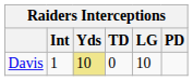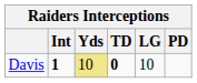 <table class="wikitable">
 <tr>
 <th colspan="6">Raiders Interceptions</th>
 </tr>
 <tr>
 <th></th>
 <th>Int</th>
 <th>Yds</th>
 <th>TD</th>
 <th>LG</th>
 <th>PD</th>
 </tr>
 <tr>
 <td><a href='#'>Davis</a></td>
-<td>1</td>
+<td><strong>1</strong></td>
 <td style="background: khaki;">10</td>
-<td>0</td>
+<td><strong>0</strong></td>
 <td>10</td>
 <td></td>
 </tr>
 </table>
